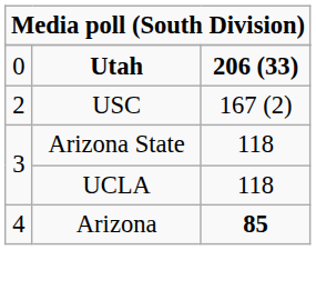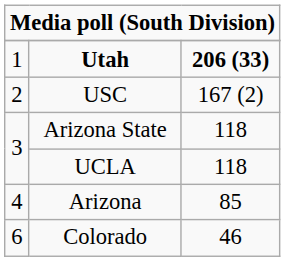 <table class="wikitable" style="display: inline-table;">
 <tr>
 <td align="center" Colspan="3"><strong>Media poll (South Division)</strong></td>
 </tr>
 <tr align="center">
 </tr>
 <tr align="center">
-<td>0</td>
+<td>1</td>
 <td><strong>Utah</strong></td>
 <td><strong>206 (33)</strong></td>
 </tr>
 <tr align="center">
 <td>2</td>
 <td>USC</td>
 <td>167 (2)</td>
 </tr>
 <tr align="center">
 <td rowspan="2">3</td>
 <td>Arizona State</td>
 <td>118</td>
 </tr>
 <tr align="center">
 <td>UCLA</td>
 <td>118</td>
 </tr>
 <tr align="center">
 <td>4</td>
 <td>Arizona</td>
-<td><strong>85</strong></td>
+<td>85</td>
+</tr>
+<tr align="center">
+<td>6</td>
+<td>Colorado</td>
+<td>46</td>
 </tr>
 </table>
